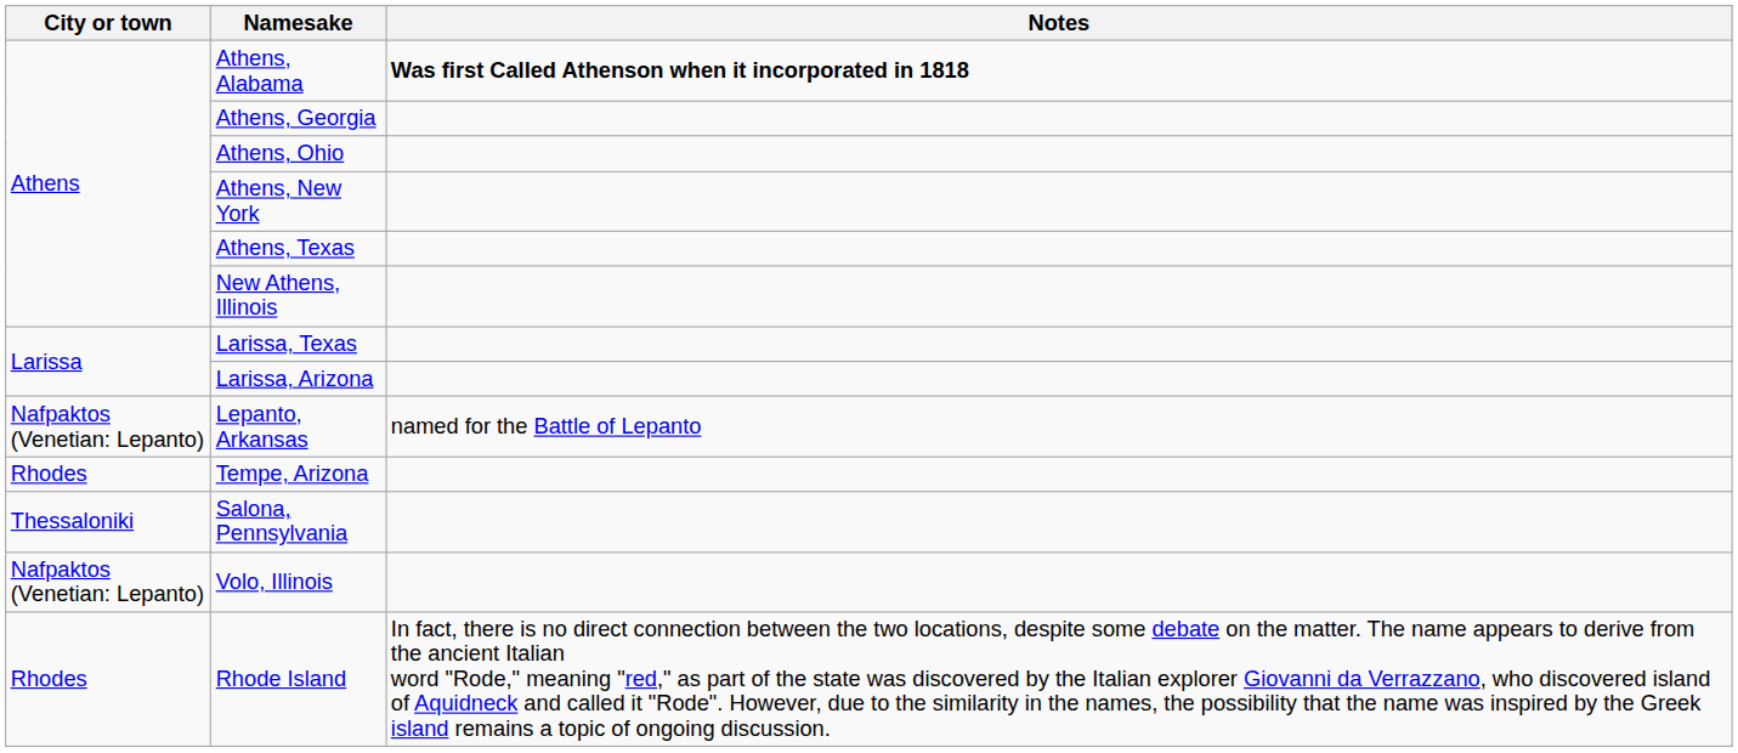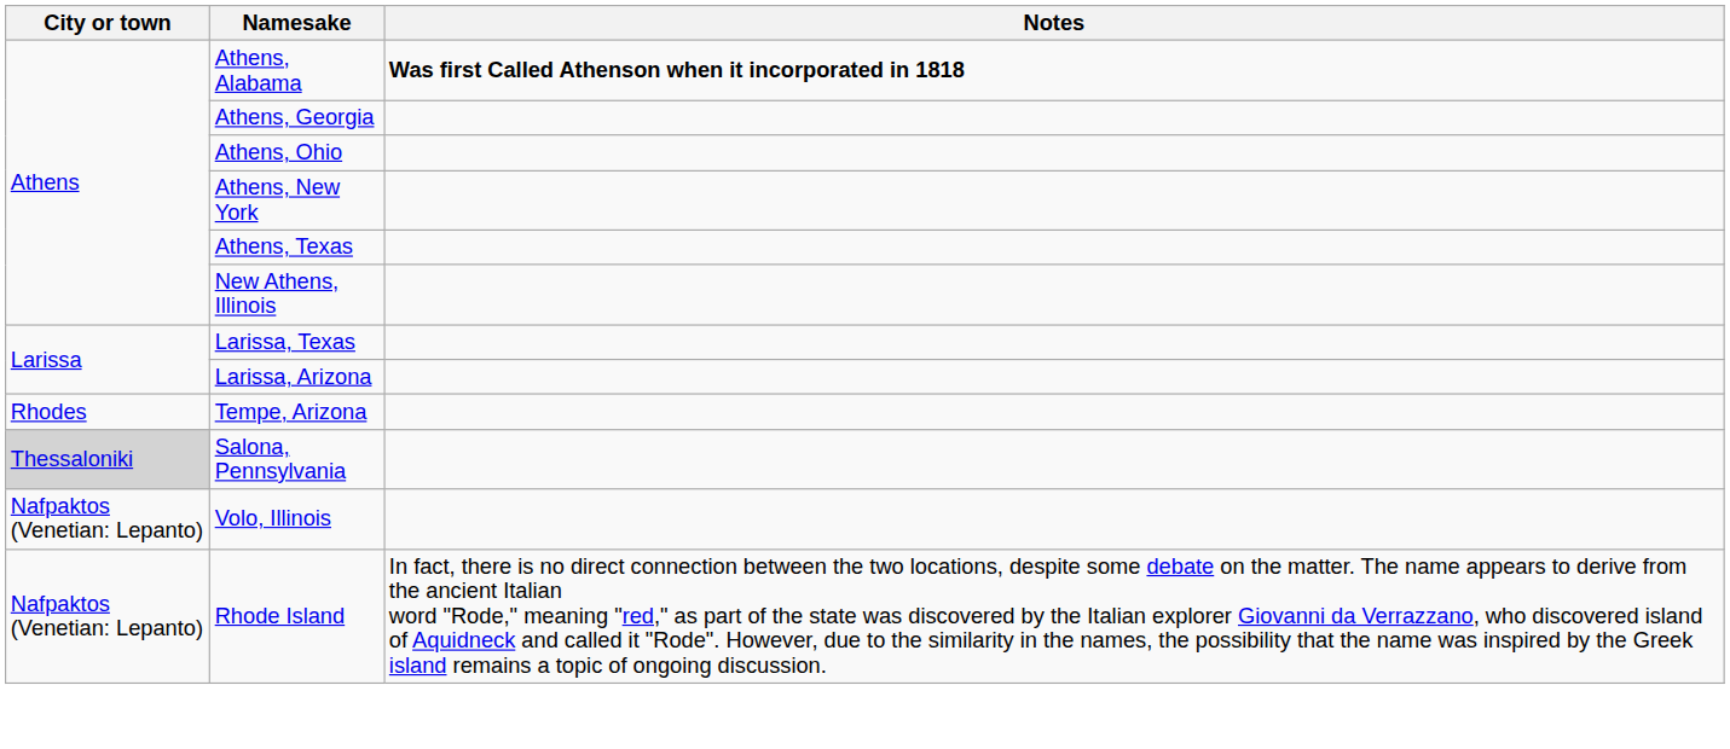 <table class="wikitable">
 <tr>
 <th>City or town</th>
 <th>Namesake</th>
 <th>Notes</th>
 </tr>
 <tr>
 <td rowspan="6"><a href='#'>Athens</a></td>
 <td><a href='#'>Athens, Alabama</a></td>
 <td><strong>Was first Called Athenson when it incorporated in 1818</strong></td>
 </tr>
 <tr>
 <td><a href='#'>Athens, Georgia</a></td>
 <td></td>
 </tr>
 <tr>
 <td><a href='#'>Athens, Ohio</a></td>
 <td> </td>
 </tr>
 <tr>
 <td><a href='#'>Athens, New York</a></td>
 <td> </td>
 </tr>
 <tr>
 <td><a href='#'>Athens, Texas</a></td>
 <td> </td>
 </tr>
 <tr>
 <td><a href='#'>New Athens, Illinois</a></td>
 <td> </td>
 </tr>
 <tr>
 <td rowspan = 2><a href='#'>Larissa</a></td>
 <td><a href='#'>Larissa, Texas</a></td>
 <td></td>
 </tr>
 <tr>
 <td><a href='#'>Larissa, Arizona</a></td>
 <td> </td>
 </tr>
 <tr>
-<td><a href='#'>Nafpaktos</a> (Venetian: Lepanto)</td>
-<td><a href='#'>Lepanto, Arkansas</a></td>
-<td>named for the <a href='#'>Battle of Lepanto</a></td>
-</tr>
-<tr>
 <td><a href='#'>Rhodes</a></td>
 <td><a href='#'>Tempe, Arizona</a></td>
 <td></td>
 </tr>
 <tr>
-<td><a href='#'>Thessaloniki</a></td>
+<td style="background: lightgrey;"><a href='#'>Thessaloniki</a></td>
 <td><a href='#'>Salona, Pennsylvania</a></td>
 <td></td>
 </tr>
 <tr>
 <td><a href='#'>Nafpaktos</a> (Venetian: Lepanto)</td>
 <td><a href='#'>Volo, Illinois</a></td>
 <td></td>
 </tr>
 <tr>
-<td><a href='#'>Rhodes</a></td>
+<td><a href='#'>Nafpaktos</a> (Venetian: Lepanto)</td>
 <td><a href='#'>Rhode Island</a></td>
 <td>In fact, there is no direct connection between the two locations, despite some <a href='#'>debate</a> on the matter. The name appears to derive from the ancient Italian<br>word "Rode," meaning "<a href='#'>red</a>," as part of the state was discovered by the Italian explorer <a href='#'>Giovanni da Verrazzano</a>, who discovered island of <a href='#'>Aquidneck</a> and called it "Rode". However, due to the similarity in the names, the possibility that the name was inspired by the Greek <a href='#'>island</a> remains a topic of ongoing discussion.</td>
 </tr>
 </table>
